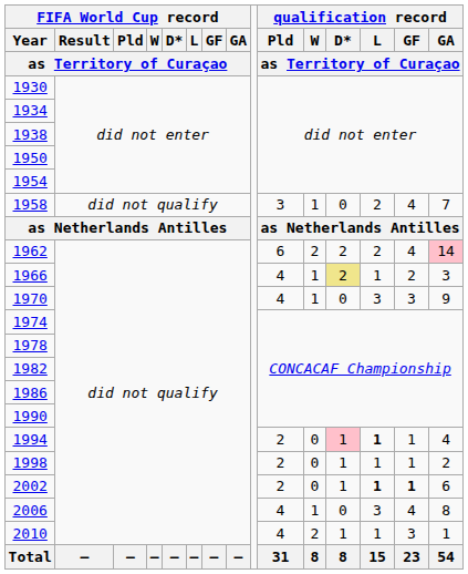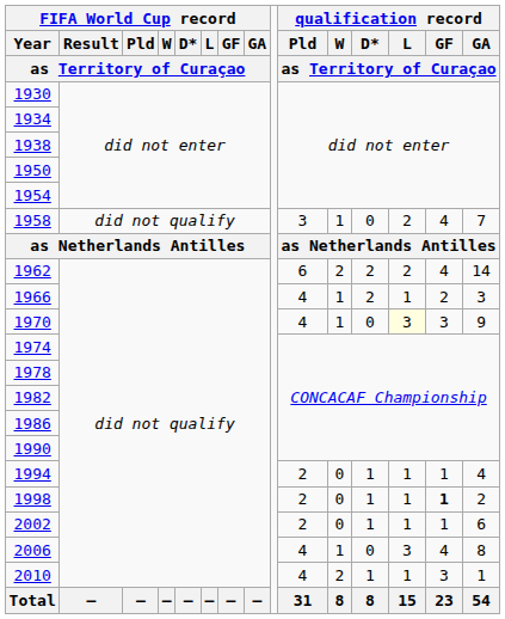 <table class="wikitable" style="text-align: center;">
 <tr>
 <th colspan=8><a href='#'>FIFA World Cup</a> record</th>
 <td rowspan=27></td>
 <th colspan=6><a href='#'>qualification</a> record</th>
 </tr>
 <tr>
 <th>Year</th>
 <th>Result</th>
 <th>Pld</th>
 <th>W</th>
 <th>D*</th>
 <th>L</th>
 <th>GF</th>
 <th>GA</th>
 <th>Pld</th>
 <th>W</th>
 <th>D*</th>
 <th>L</th>
 <th>GF</th>
 <th>GA</th>
 </tr>
 <tr>
 <th colspan=8>as  <a href='#'>Territory of Curaçao</a></th>
 <th colspan=6>as  <a href='#'>Territory of Curaçao</a></th>
 </tr>
 <tr>
 <td> <a href='#'>1930</a></td>
 <td colspan=7 rowspan=5><em>did not enter</em></td>
 <td colspan=6 rowspan=5><em>did not enter</em></td>
 </tr>
 <tr>
 <td> <a href='#'>1934</a></td>
 </tr>
 <tr>
 <td> <a href='#'>1938</a></td>
 </tr>
 <tr>
 <td> <a href='#'>1950</a></td>
 </tr>
 <tr>
 <td> <a href='#'>1954</a></td>
 </tr>
 <tr>
 <td> <a href='#'>1958</a></td>
 <td colspan=7><em>did not qualify</em></td>
 <td>3</td>
 <td>1</td>
 <td>0</td>
 <td>2</td>
 <td>4</td>
 <td>7</td>
 </tr>
 <tr>
 <th colspan=8>as  Netherlands Antilles</th>
 <th colspan=6>as  Netherlands Antilles</th>
 </tr>
 <tr>
 <td> <a href='#'>1962</a></td>
 <td colspan=7 rowspan=13><em>did not qualify</em></td>
 <td>6</td>
 <td>2</td>
 <td>2</td>
 <td>2</td>
 <td>4</td>
-<td style="background: pink;">14</td>
+<td>14</td>
 </tr>
 <tr>
 <td> <a href='#'>1966</a></td>
 <td>4</td>
 <td>1</td>
-<td style="background: khaki;">2</td>
+<td>2</td>
 <td>1</td>
 <td>2</td>
 <td>3</td>
 </tr>
 <tr>
 <td> <a href='#'>1970</a></td>
 <td>4</td>
 <td>1</td>
 <td>0</td>
-<td>3</td>
+<td style="background: lightyellow;">3</td>
 <td>3</td>
 <td>9</td>
 </tr>
 <tr>
 <td> <a href='#'>1974</a></td>
 <td colspan=6 rowspan=5><em><a href='#'>CONCACAF Championship</a></em></td>
 </tr>
 <tr>
 <td> <a href='#'>1978</a></td>
 </tr>
 <tr>
 <td> <a href='#'>1982</a></td>
 </tr>
 <tr>
 <td> <a href='#'>1986</a></td>
 </tr>
 <tr>
 <td> <a href='#'>1990</a></td>
 </tr>
 <tr>
 <td> <a href='#'>1994</a></td>
 <td>2</td>
 <td>0</td>
-<td style="background: pink;">1</td>
-<td><strong>1</strong></td>
+<td>1</td>
+<td>1</td>
 <td>1</td>
 <td>4</td>
 </tr>
 <tr>
 <td> <a href='#'>1998</a></td>
 <td>2</td>
 <td>0</td>
 <td>1</td>
 <td>1</td>
-<td>1</td>
+<td><strong>1</strong></td>
 <td>2</td>
 </tr>
 <tr>
 <td>  <a href='#'>2002</a></td>
 <td>2</td>
 <td>0</td>
 <td>1</td>
-<td><strong>1</strong></td>
-<td><strong>1</strong></td>
+<td>1</td>
+<td>1</td>
 <td>6</td>
 </tr>
 <tr>
 <td> <a href='#'>2006</a></td>
 <td>4</td>
 <td>1</td>
 <td>0</td>
 <td>3</td>
 <td>4</td>
 <td>8</td>
 </tr>
 <tr>
 <td> <a href='#'>2010</a></td>
 <td>4</td>
 <td>2</td>
 <td>1</td>
 <td>1</td>
 <td>3</td>
 <td>1</td>
 </tr>
 <tr>
 <th>Total</th>
 <th>–</th>
 <th>–</th>
 <th>–</th>
 <th>–</th>
 <th>–</th>
 <th>–</th>
 <th>–</th>
 <th>31</th>
 <th>8</th>
 <th>8</th>
 <th>15</th>
 <th>23</th>
 <th>54</th>
 </tr>
 </table>
